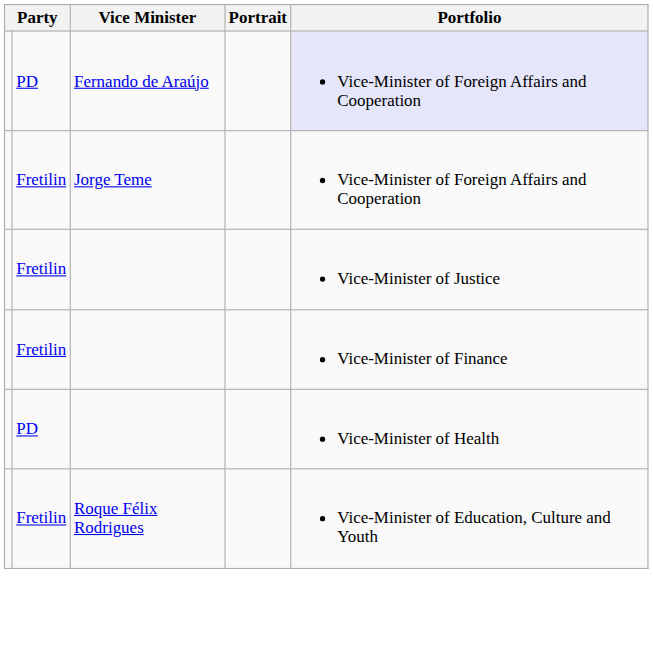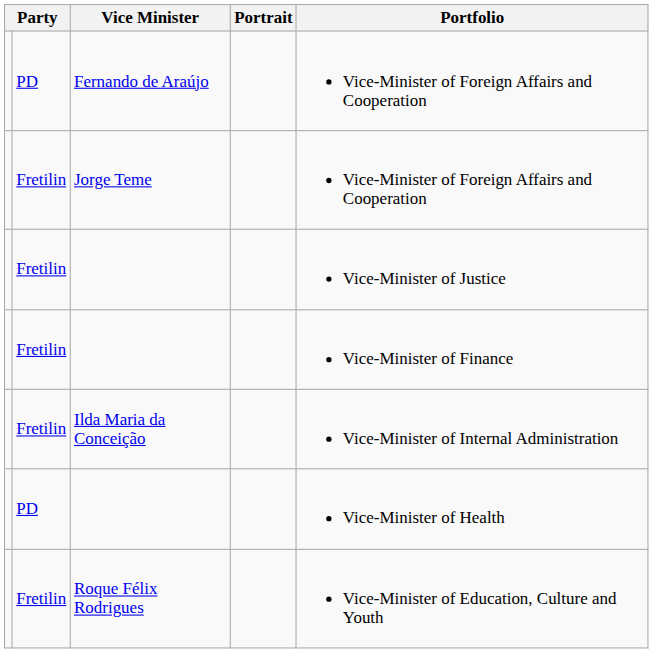 <table class="wikitable sortable">
 <tr>
 <th colspan="2">Party</th>
 <th>Vice Minister</th>
 <th>Portrait</th>
 <th>Portfolio</th>
 </tr>
 <tr>
 <td style="background:"></td>
 <td><a href='#'>PD</a></td>
 <td><a href='#'>Fernando de Araújo</a></td>
 <td></td>
-<td style="background: lavender;"><br><ul><li>Vice-Minister of Foreign Affairs and Cooperation</li></ul></td>
+<td><br><ul><li>Vice-Minister of Foreign Affairs and Cooperation</li></ul></td>
 </tr>
 <tr>
 <td style="background:"></td>
 <td><a href='#'>Fretilin</a></td>
 <td><a href='#'>Jorge Teme</a></td>
 <td></td>
 <td><br><ul><li>Vice-Minister of Foreign Affairs and Cooperation</li></ul></td>
 </tr>
 <tr>
 <td style="background:"></td>
 <td><a href='#'>Fretilin</a></td>
 <td></td>
 <td></td>
 <td><br><ul><li>Vice-Minister of Justice</li></ul></td>
 </tr>
 <tr>
 <td style="background:"></td>
 <td><a href='#'>Fretilin</a></td>
 <td></td>
 <td></td>
 <td><br><ul><li>Vice-Minister of Finance</li></ul></td>
 </tr>
 <tr>
 <td style="background:"></td>
+<td><a href='#'>Fretilin</a></td>
+<td><a href='#'>Ilda Maria da Conceição</a></td>
+<td></td>
+<td><br><ul><li>Vice-Minister of Internal Administration</li></ul></td>
+</tr>
+<tr>
+<td style="background:"></td>
 <td><a href='#'>PD</a></td>
 <td></td>
 <td></td>
 <td><br><ul><li>Vice-Minister of Health</li></ul></td>
 </tr>
 <tr>
 <td style="background:"></td>
 <td><a href='#'>Fretilin</a></td>
 <td><a href='#'>Roque Félix Rodrigues</a></td>
 <td></td>
 <td><br><ul><li>Vice-Minister of Education, Culture and Youth</li></ul></td>
 </tr>
 </table>
